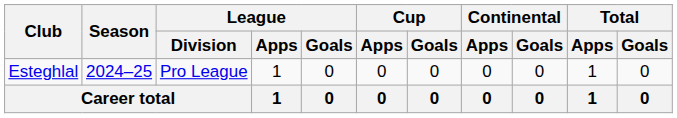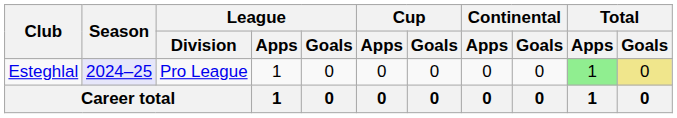 <table class="wikitable" style="text-align:center">
 <tr>
 <th rowspan="2">Club</th>
 <th rowspan="2">Season</th>
 <th colspan="3">League</th>
 <th colspan="2">Cup</th>
 <th colspan="2">Continental</th>
 <th colspan="2">Total</th>
 </tr>
 <tr>
 <th>Division</th>
 <th>Apps</th>
 <th>Goals</th>
 <th>Apps</th>
 <th>Goals</th>
 <th>Apps</th>
 <th>Goals</th>
 <th>Apps</th>
 <th>Goals</th>
 </tr>
 <tr>
 <td><a href='#'>Esteghlal</a></td>
-<td><a href='#'>2024–25</a></td>
+<td style="background: lavender;"><a href='#'>2024–25</a></td>
 <td rowspan="1"><a href='#'>Pro League</a></td>
 <td>1</td>
 <td>0</td>
 <td>0</td>
 <td>0</td>
 <td>0</td>
 <td>0</td>
-<td>1</td>
-<td>0</td>
+<td style="background: lightgreen;">1</td>
+<td style="background: khaki;">0</td>
 </tr>
 <tr>
 <th colspan="3">Career total</th>
 <th>1</th>
 <th>0</th>
 <th>0</th>
 <th>0</th>
 <th>0</th>
 <th>0</th>
 <th>1</th>
 <th>0</th>
 </tr>
 </table>
